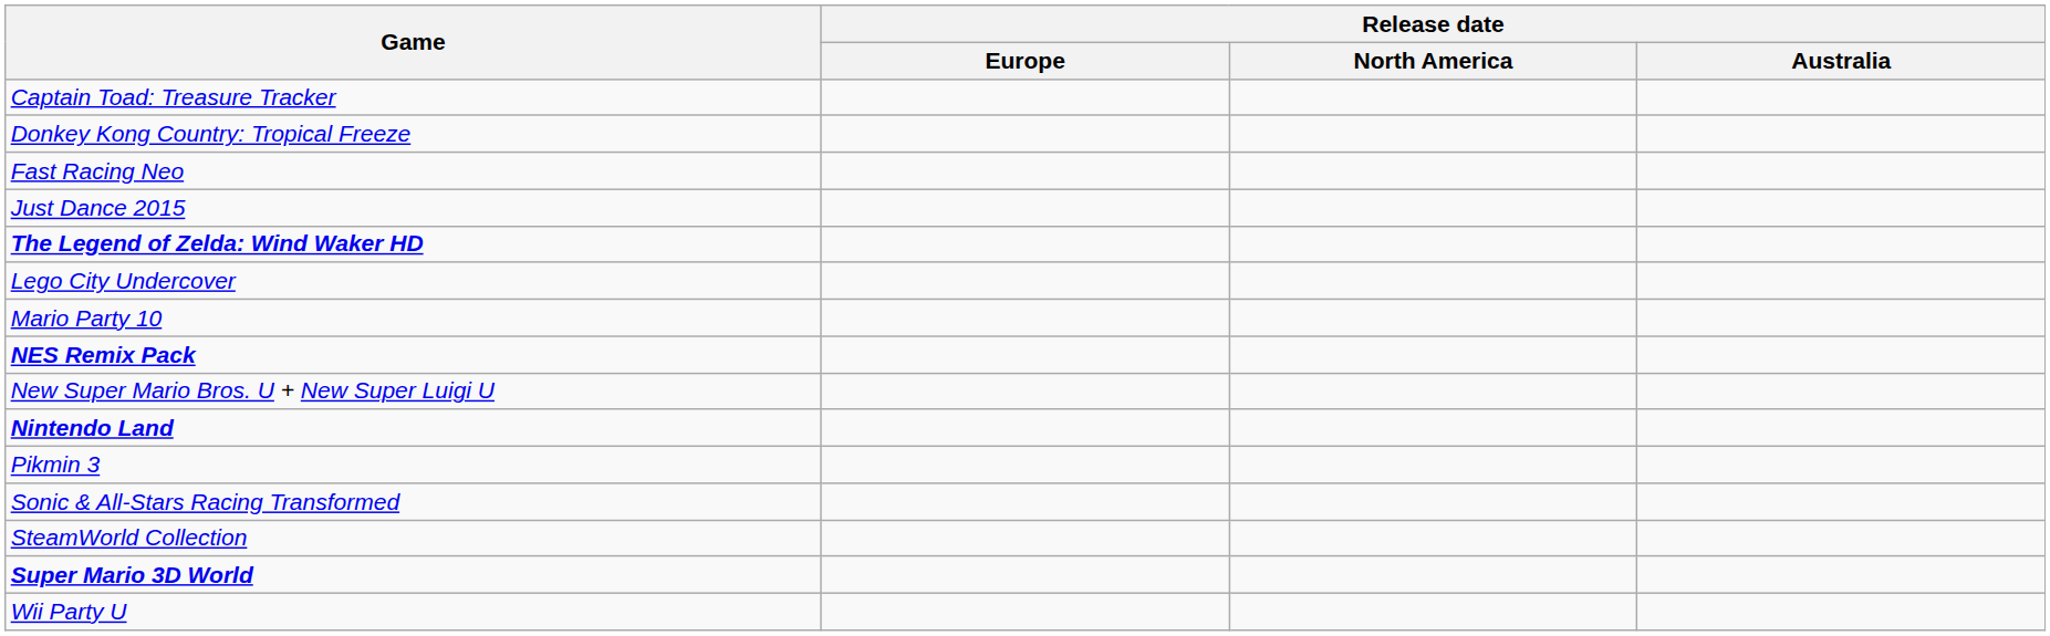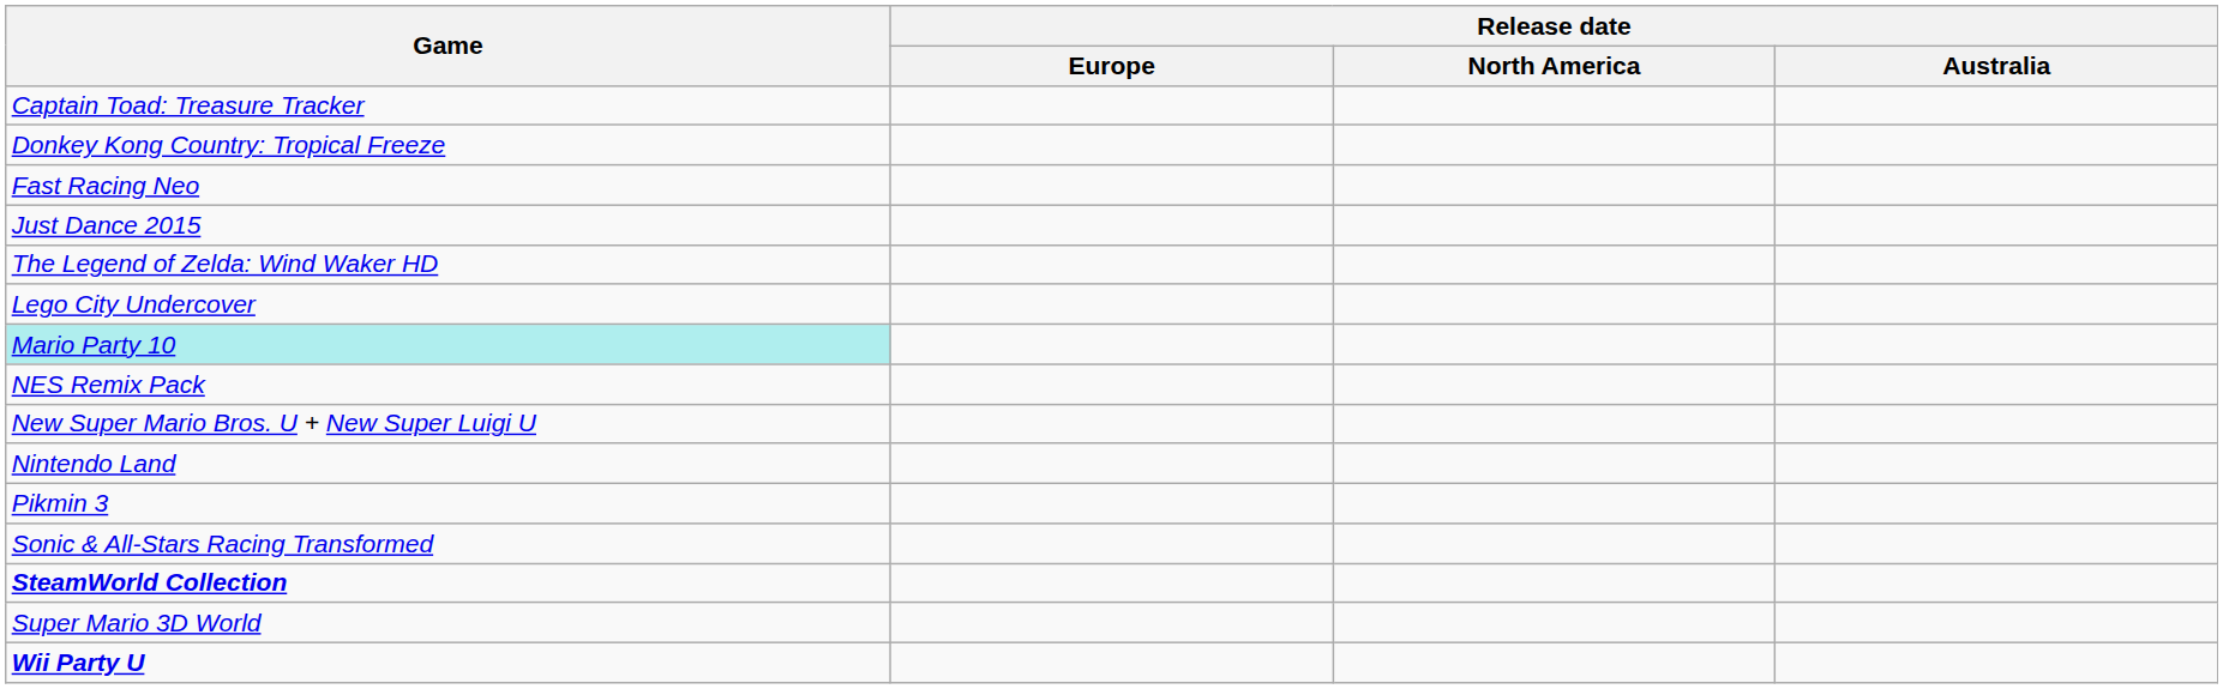 <table class="wikitable sortable" style="width: 100%; font-size: 90%">
 <tr>
 <th width=40% rowspan=2>Game</th>
 <th width=60% colspan=3>Release date</th>
 </tr>
 <tr>
 <th width=20%>Europe</th>
 <th width=20%>North America</th>
 <th width=20%>Australia</th>
 </tr>
 <tr>
 <td><em><a href='#'>Captain Toad: Treasure Tracker</a></em></td>
 <td></td>
 <td></td>
 <td></td>
 </tr>
 <tr>
 <td><em><a href='#'>Donkey Kong Country: Tropical Freeze</a></em></td>
 <td></td>
 <td></td>
 <td></td>
 </tr>
 <tr>
 <td><em><a href='#'>Fast Racing Neo</a></em></td>
 <td></td>
 <td></td>
 <td></td>
 </tr>
 <tr>
 <td><em><a href='#'>Just Dance 2015</a></em></td>
 <td></td>
 <td></td>
 <td></td>
 </tr>
 <tr>
-<td data-sort-value="Legend of Zelda: Wind Waker HD, The"><strong><em><a href='#'>The Legend of Zelda: Wind Waker HD</a></em></strong></td>
+<td data-sort-value="Legend of Zelda: Wind Waker HD, The"><em><a href='#'>The Legend of Zelda: Wind Waker HD</a></em></td>
 <td></td>
 <td></td>
 <td></td>
 </tr>
 <tr>
 <td><em><a href='#'>Lego City Undercover</a></em></td>
 <td></td>
 <td></td>
 <td></td>
 </tr>
 <tr>
-<td><em><a href='#'>Mario Party 10</a></em></td>
+<td style="background: paleturquoise;"><em><a href='#'>Mario Party 10</a></em></td>
 <td></td>
 <td></td>
 <td></td>
 </tr>
 <tr>
-<td><strong><em><a href='#'>NES Remix Pack</a></em></strong></td>
+<td><em><a href='#'>NES Remix Pack</a></em></td>
 <td></td>
 <td></td>
 <td></td>
 </tr>
 <tr>
 <td><em><a href='#'>New Super Mario Bros. U</a> + <a href='#'>New Super Luigi U</a></em></td>
 <td></td>
 <td></td>
 <td></td>
 </tr>
 <tr>
-<td><strong><em><a href='#'>Nintendo Land</a></em></strong></td>
+<td><em><a href='#'>Nintendo Land</a></em></td>
 <td></td>
 <td></td>
 <td></td>
 </tr>
 <tr>
 <td><em><a href='#'>Pikmin 3</a></em></td>
 <td></td>
 <td></td>
 <td></td>
 </tr>
 <tr>
 <td><em><a href='#'>Sonic & All-Stars Racing Transformed</a></em></td>
 <td></td>
 <td></td>
 <td></td>
 </tr>
 <tr>
-<td><em><a href='#'>SteamWorld Collection</a></em></td>
+<td><strong><em><a href='#'>SteamWorld Collection</a></em></strong></td>
 <td></td>
 <td></td>
 <td></td>
 </tr>
 <tr>
-<td><strong><em><a href='#'>Super Mario 3D World</a></em></strong></td>
+<td><em><a href='#'>Super Mario 3D World</a></em></td>
 <td></td>
 <td></td>
 <td></td>
 </tr>
 <tr>
-<td><em><a href='#'>Wii Party U</a></em></td>
+<td><strong><em><a href='#'>Wii Party U</a></em></strong></td>
 <td></td>
 <td></td>
 <td></td>
 </tr>
 </table>
